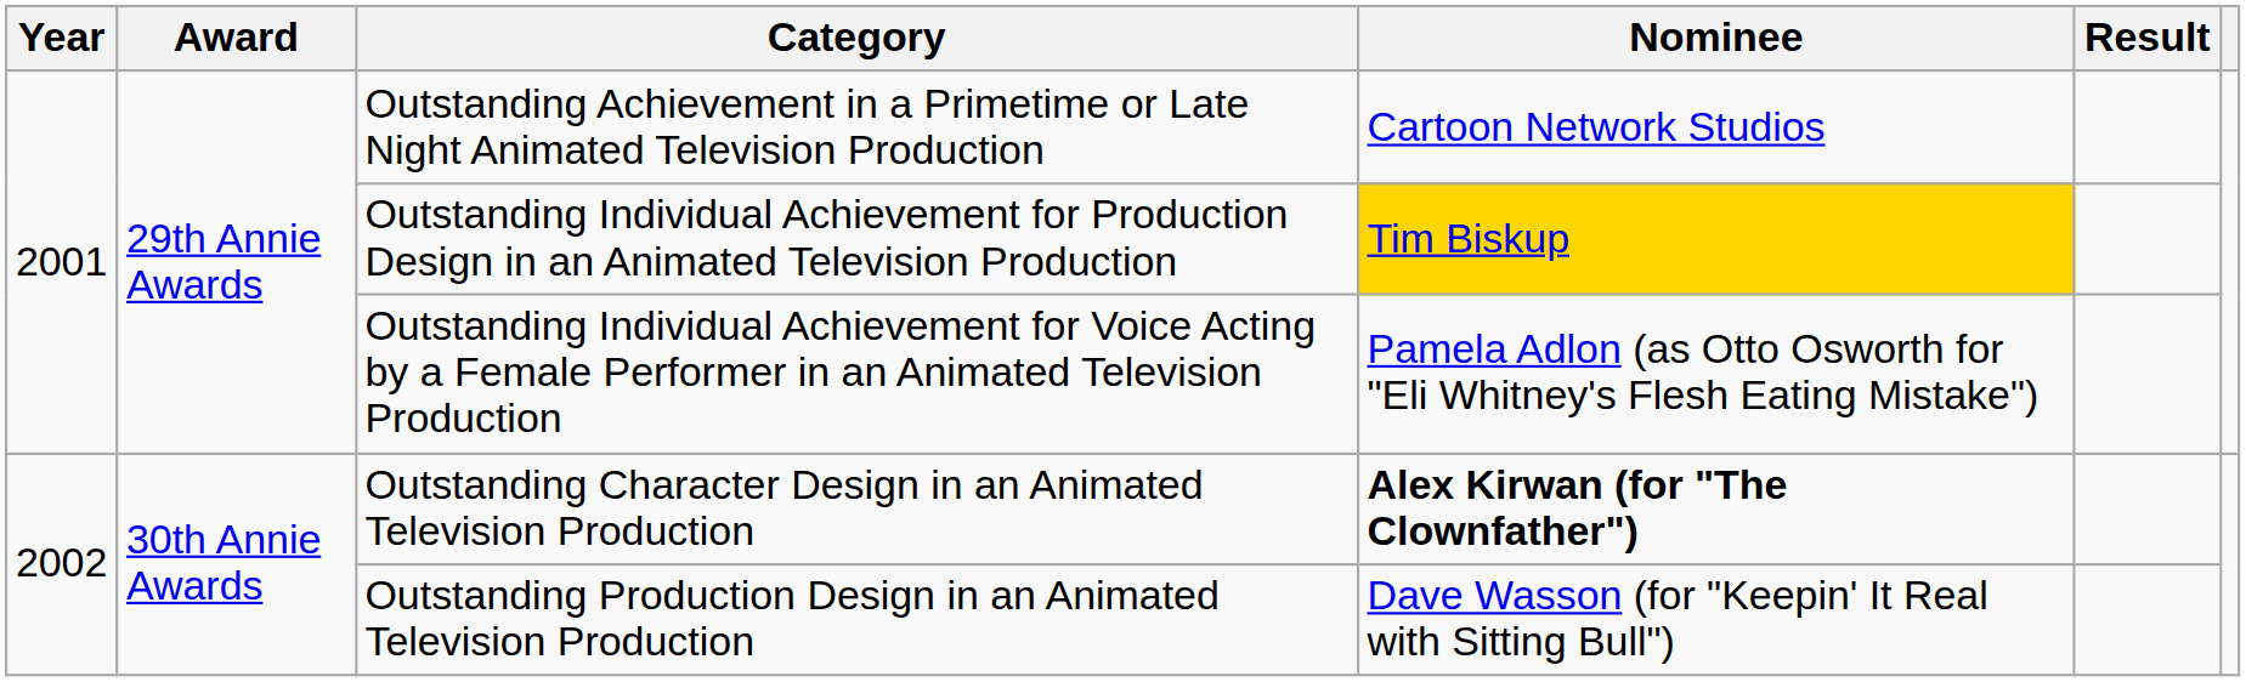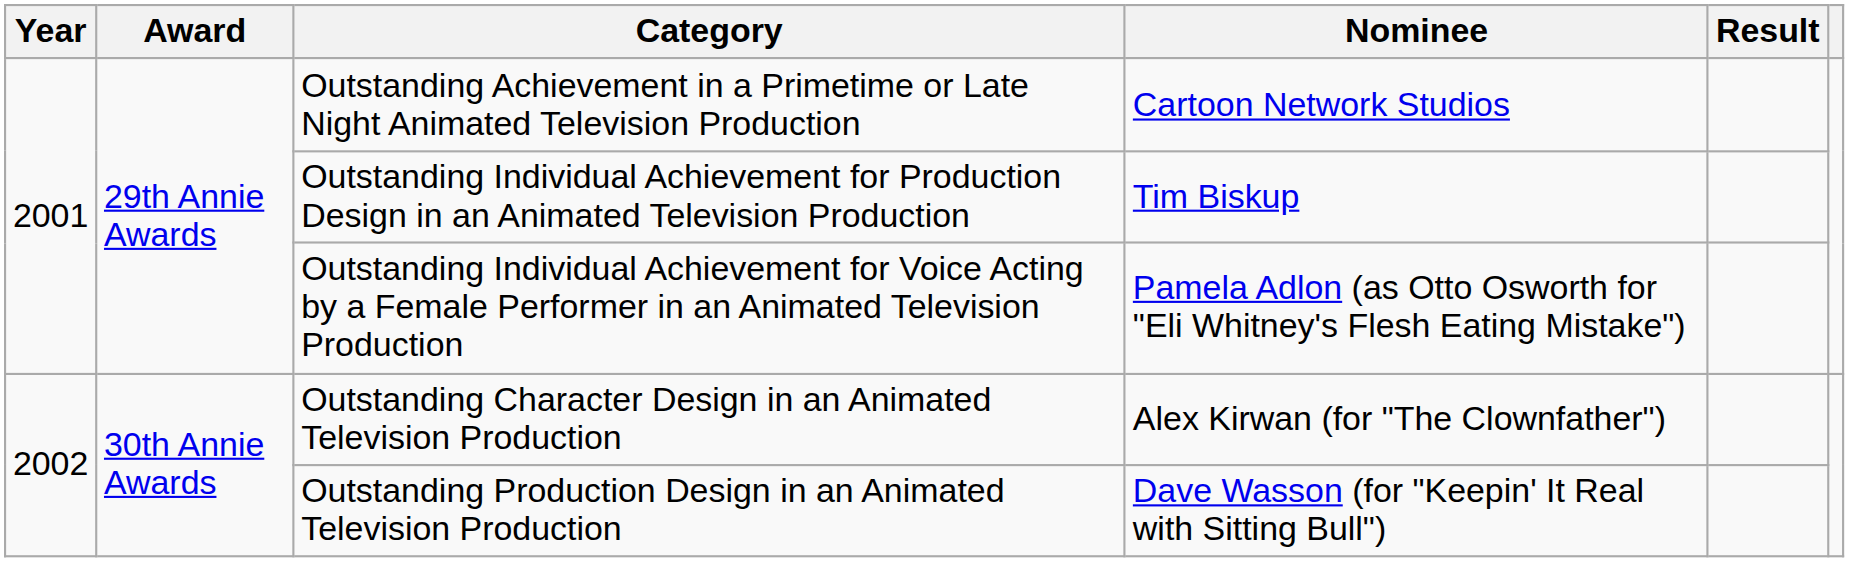 <table class="wikitable">
 <tr>
 <th>Year</th>
 <th>Award</th>
 <th>Category</th>
 <th>Nominee</th>
 <th>Result</th>
 <th></th>
 </tr>
 <tr>
 <td rowspan="3">2001</td>
 <td rowspan="3"><a href='#'>29th Annie Awards</a></td>
 <td>Outstanding Achievement in a Primetime or Late Night Animated Television Production</td>
 <td><a href='#'>Cartoon Network Studios</a></td>
 <td></td>
 <td rowspan="3"></td>
 </tr>
 <tr>
 <td>Outstanding Individual Achievement for Production Design in an Animated Television Production</td>
-<td style="background: gold;"><a href='#'>Tim Biskup</a></td>
+<td><a href='#'>Tim Biskup</a></td>
 <td></td>
 </tr>
 <tr>
 <td>Outstanding Individual Achievement for Voice Acting by a Female Performer in an Animated Television Production</td>
 <td><a href='#'>Pamela Adlon</a> (as Otto Osworth for "Eli Whitney's Flesh Eating Mistake")</td>
 <td></td>
 </tr>
 <tr>
 <td rowspan="2">2002</td>
 <td rowspan="2"><a href='#'>30th Annie Awards</a></td>
 <td>Outstanding Character Design in an Animated Television Production</td>
-<td><strong>Alex Kirwan (for "The Clownfather")</strong></td>
+<td>Alex Kirwan (for "The Clownfather")</td>
 <td></td>
 <td rowspan="2"></td>
 </tr>
 <tr>
 <td>Outstanding Production Design in an Animated Television Production</td>
 <td><a href='#'>Dave Wasson</a> (for "Keepin' It Real with Sitting Bull")</td>
 <td></td>
 </tr>
 </table>
